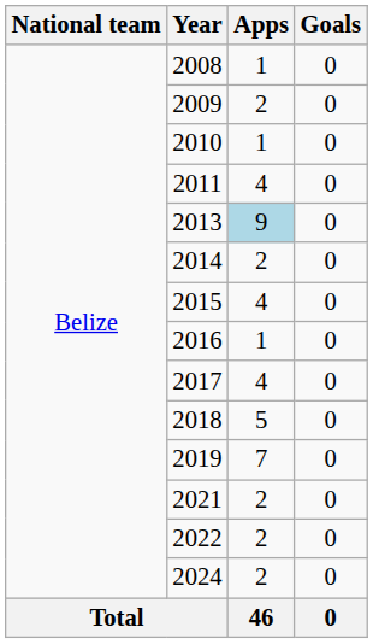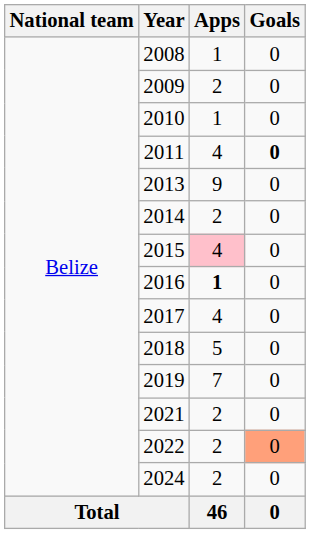 <table class="wikitable" style="text-align:center">
 <tr>
 <th>National team</th>
 <th>Year</th>
 <th>Apps</th>
 <th>Goals</th>
 </tr>
 <tr>
 <td rowspan="14"><a href='#'>Belize</a></td>
 <td>2008</td>
 <td>1</td>
 <td>0</td>
 </tr>
 <tr>
 <td>2009</td>
 <td>2</td>
 <td>0</td>
 </tr>
 <tr>
 <td>2010</td>
 <td>1</td>
 <td>0</td>
 </tr>
 <tr>
 <td>2011</td>
 <td>4</td>
-<td>0</td>
+<td><strong>0</strong></td>
 </tr>
 <tr>
 <td>2013</td>
-<td style="background: lightblue;">9</td>
+<td>9</td>
 <td>0</td>
 </tr>
 <tr>
 <td>2014</td>
 <td>2</td>
 <td>0</td>
 </tr>
 <tr>
 <td>2015</td>
-<td>4</td>
+<td style="background: pink;">4</td>
 <td>0</td>
 </tr>
 <tr>
 <td>2016</td>
-<td>1</td>
+<td><strong>1</strong></td>
 <td>0</td>
 </tr>
 <tr>
 <td>2017</td>
 <td>4</td>
 <td>0</td>
 </tr>
 <tr>
 <td>2018</td>
 <td>5</td>
 <td>0</td>
 </tr>
 <tr>
 <td>2019</td>
 <td>7</td>
 <td>0</td>
 </tr>
 <tr>
 <td>2021</td>
 <td>2</td>
 <td>0</td>
 </tr>
 <tr>
 <td>2022</td>
 <td>2</td>
-<td>0</td>
+<td style="background: lightsalmon;">0</td>
 </tr>
 <tr>
 <td>2024</td>
 <td>2</td>
 <td>0</td>
 </tr>
 <tr>
 <th colspan="2">Total</th>
 <th>46</th>
 <th>0</th>
 </tr>
 </table>
